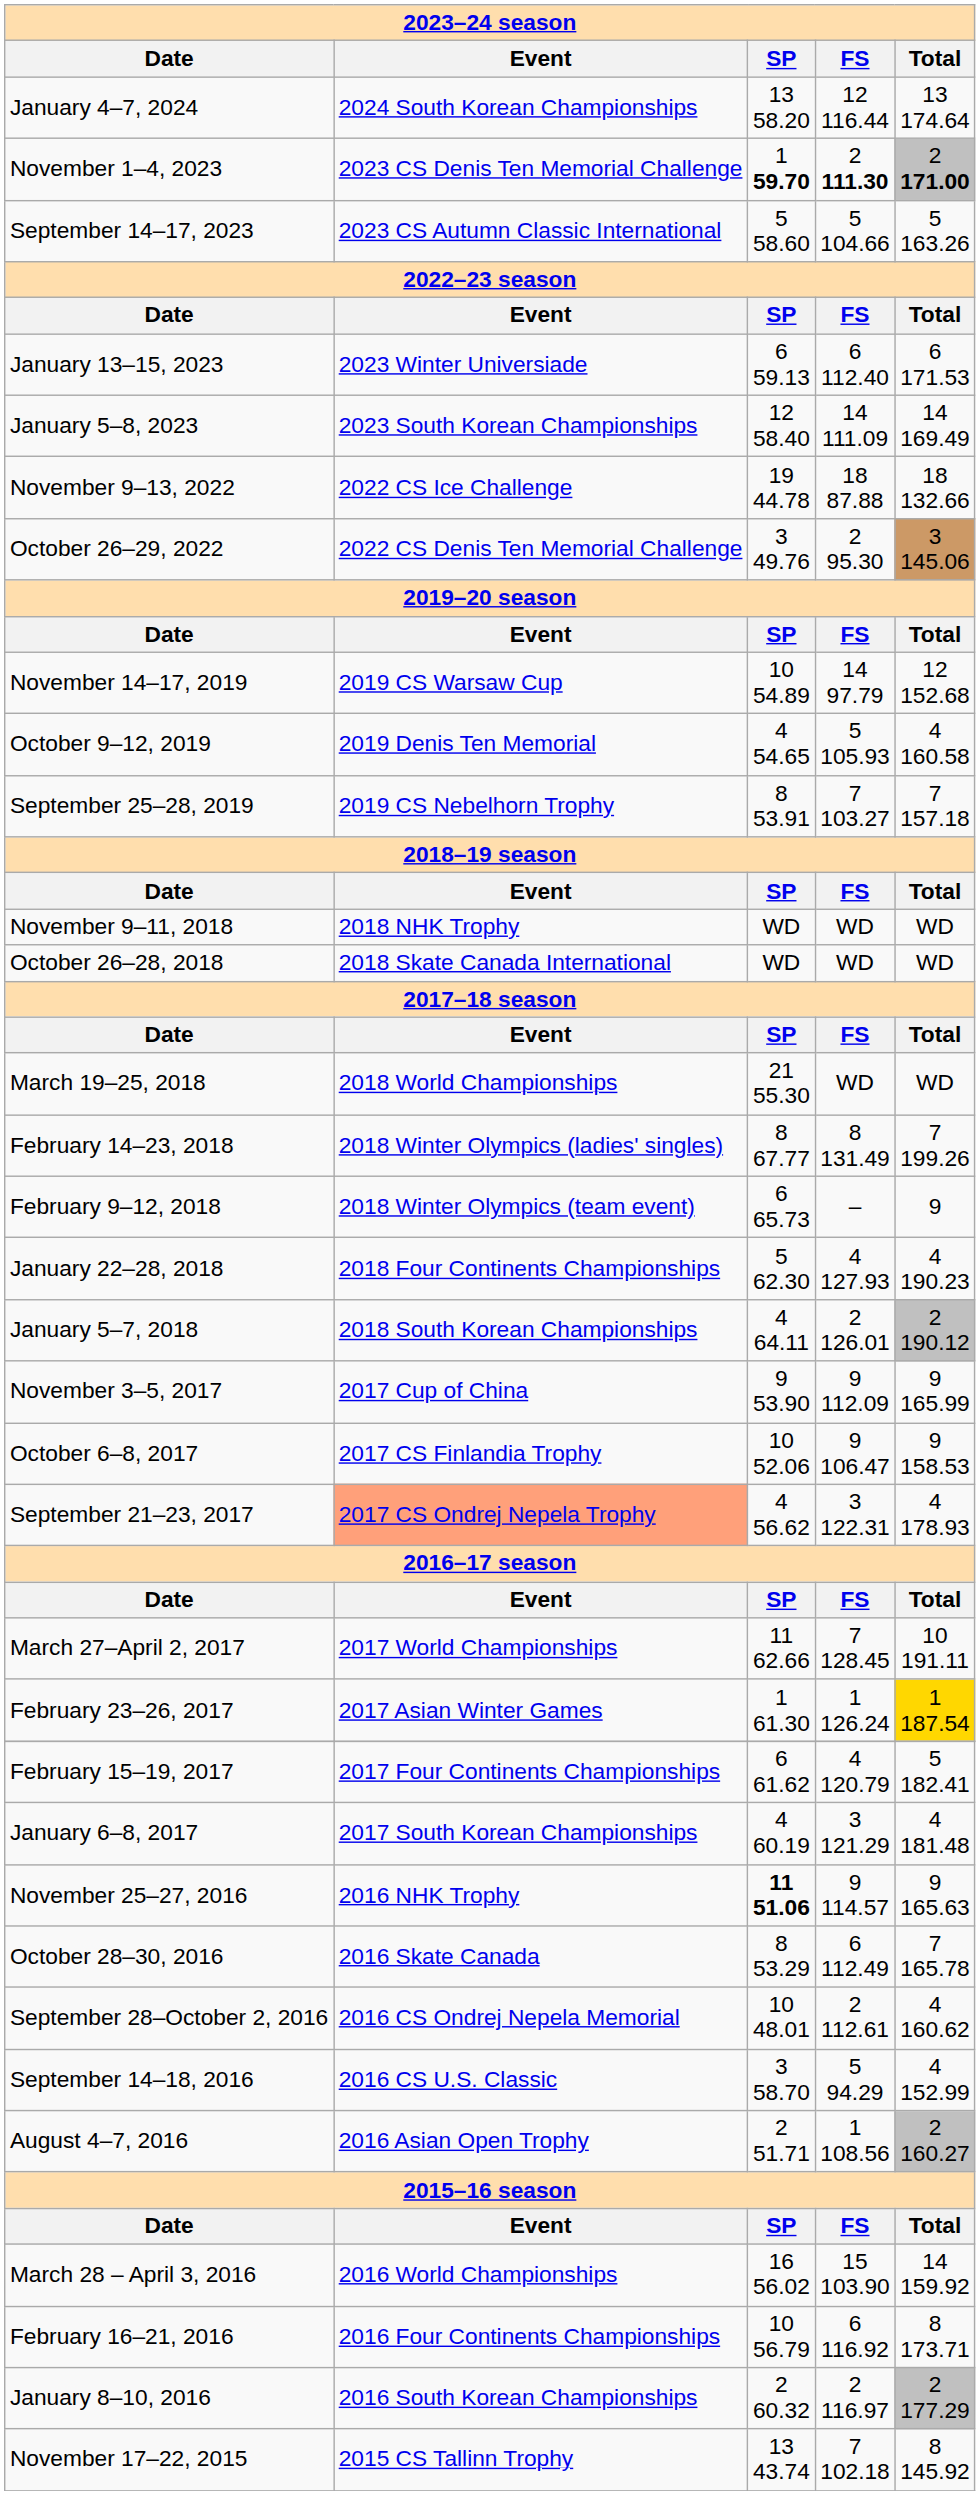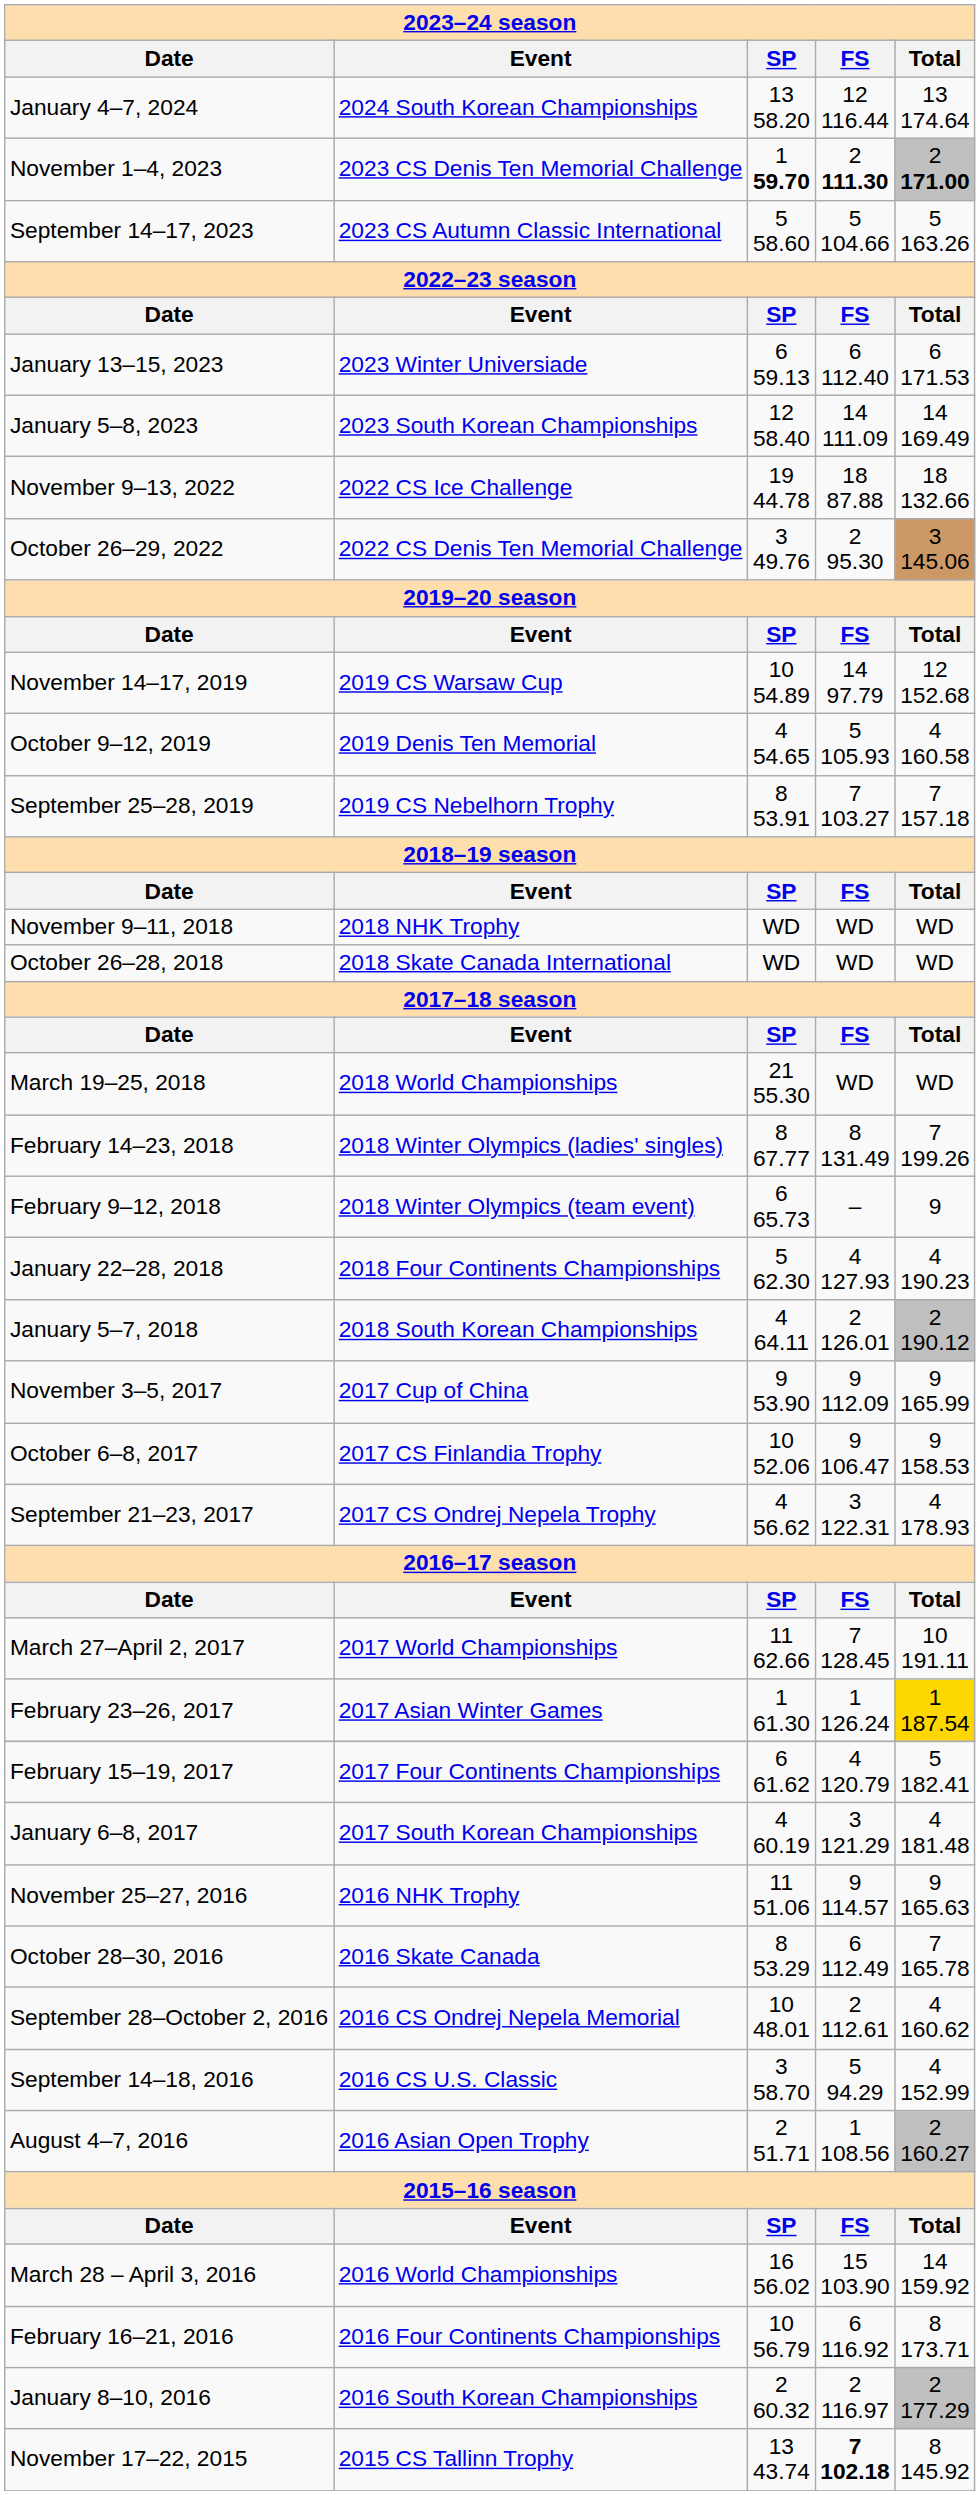 <table class="wikitable">
 <tr>
 <td style="background-color: #ffdead;" colspan=5 align=center><strong><a href='#'>2023–24 season</a></strong></td>
 </tr>
 <tr>
 <th>Date</th>
 <th>Event</th>
 <th><a href='#'>SP</a></th>
 <th><a href='#'>FS</a></th>
 <th>Total</th>
 </tr>
 <tr>
 <td>January 4–7, 2024</td>
 <td><a href='#'>2024 South Korean Championships</a></td>
 <td align=center>13 <br> 58.20</td>
 <td align=center>12 <br> 116.44</td>
 <td align=center>13 <br> 174.64</td>
 </tr>
 <tr>
 <td>November 1–4, 2023</td>
 <td><a href='#'>2023 CS Denis Ten Memorial Challenge</a></td>
 <td align=center>1 <br> <strong>59.70</strong></td>
 <td align=center>2 <br> <strong>111.30</strong></td>
 <td align=center bgcolor=silver>2 <br> <strong>171.00</strong></td>
 </tr>
 <tr>
 <td>September 14–17, 2023</td>
 <td><a href='#'>2023 CS Autumn Classic International</a></td>
 <td align=center>5 <br> 58.60</td>
 <td align=center>5 <br> 104.66</td>
 <td align=center>5 <br> 163.26</td>
 </tr>
 <tr>
 <td style="background-color: #ffdead;" colspan=5 align=center><strong><a href='#'>2022–23 season</a></strong></td>
 </tr>
 <tr>
 <th>Date</th>
 <th>Event</th>
 <th><a href='#'>SP</a></th>
 <th><a href='#'>FS</a></th>
 <th>Total</th>
 </tr>
 <tr>
 <td>January 13–15, 2023</td>
 <td><a href='#'>2023 Winter Universiade</a></td>
 <td align=center>6 <br> 59.13</td>
 <td align=center>6 <br> 112.40</td>
 <td align=center>6 <br> 171.53</td>
 </tr>
 <tr>
 <td>January 5–8, 2023</td>
 <td><a href='#'>2023 South Korean Championships</a></td>
 <td align=center>12 <br> 58.40</td>
 <td align=center>14 <br> 111.09</td>
 <td align=center>14 <br> 169.49</td>
 </tr>
 <tr>
 <td>November 9–13, 2022</td>
 <td><a href='#'>2022 CS Ice Challenge</a></td>
 <td align=center>19 <br> 44.78</td>
 <td align=center>18 <br> 87.88</td>
 <td align=center>18 <br> 132.66</td>
 </tr>
 <tr>
 <td>October 26–29, 2022</td>
 <td><a href='#'>2022 CS Denis Ten Memorial Challenge</a></td>
 <td align=center>3 <br> 49.76</td>
 <td align=center>2 <br> 95.30</td>
 <td align=center bgcolor=cc9966>3 <br> 145.06</td>
 </tr>
 <tr>
 <td style="background-color: #ffdead;" colspan=5 align=center><strong><a href='#'>2019–20 season</a></strong></td>
 </tr>
 <tr>
 <th>Date</th>
 <th>Event</th>
 <th><a href='#'>SP</a></th>
 <th><a href='#'>FS</a></th>
 <th>Total</th>
 </tr>
 <tr>
 <td>November 14–17, 2019</td>
 <td><a href='#'>2019 CS Warsaw Cup</a></td>
 <td align=center>10 <br> 54.89</td>
 <td align=center>14 <br> 97.79</td>
 <td align=center>12 <br> 152.68</td>
 </tr>
 <tr>
 <td>October 9–12, 2019</td>
 <td><a href='#'>2019 Denis Ten Memorial</a></td>
 <td align=center>4 <br> 54.65</td>
 <td align=center>5 <br> 105.93</td>
 <td align=center>4 <br> 160.58</td>
 </tr>
 <tr>
 <td>September 25–28, 2019</td>
 <td><a href='#'>2019 CS Nebelhorn Trophy</a></td>
 <td align=center>8 <br> 53.91</td>
 <td align=center>7 <br> 103.27</td>
 <td align=center>7 <br> 157.18</td>
 </tr>
 <tr>
 <td style="background-color: #ffdead;" colspan=5 align=center><strong><a href='#'>2018–19 season</a></strong></td>
 </tr>
 <tr>
 <th>Date</th>
 <th>Event</th>
 <th><a href='#'>SP</a></th>
 <th><a href='#'>FS</a></th>
 <th>Total</th>
 </tr>
 <tr>
 <td>November 9–11, 2018</td>
 <td><a href='#'>2018 NHK Trophy</a></td>
 <td align=center>WD</td>
 <td align=center>WD</td>
 <td align=center>WD</td>
 </tr>
 <tr>
 <td>October 26–28, 2018</td>
 <td><a href='#'>2018 Skate Canada International</a></td>
 <td align=center>WD</td>
 <td align=center>WD</td>
 <td align=center>WD</td>
 </tr>
 <tr>
 <td style="background-color: #ffdead;" colspan=5 align=center><strong><a href='#'>2017–18 season</a></strong></td>
 </tr>
 <tr>
 <th>Date</th>
 <th>Event</th>
 <th><a href='#'>SP</a></th>
 <th><a href='#'>FS</a></th>
 <th>Total</th>
 </tr>
 <tr>
 <td>March 19–25, 2018</td>
 <td><a href='#'>2018 World Championships</a></td>
 <td align=center>21 <br> 55.30</td>
 <td align=center>WD <br></td>
 <td align=center>WD <br></td>
 </tr>
 <tr>
 <td>February 14–23, 2018</td>
 <td><a href='#'>2018 Winter Olympics (ladies' singles)</a></td>
 <td align=center>8 <br> 67.77</td>
 <td align=center>8 <br> 131.49</td>
 <td align=center>7 <br> 199.26</td>
 </tr>
 <tr>
 <td>February 9–12, 2018</td>
 <td><a href='#'>2018 Winter Olympics (team event)</a></td>
 <td align=center>6 <br> 65.73</td>
 <td align=center>–</td>
 <td align=center>9</td>
 </tr>
 <tr>
 <td>January 22–28, 2018</td>
 <td><a href='#'>2018 Four Continents Championships</a></td>
 <td align=center>5 <br> 62.30</td>
 <td align=center>4 <br> 127.93</td>
 <td align=center>4 <br> 190.23</td>
 </tr>
 <tr>
 <td>January 5–7, 2018</td>
 <td><a href='#'>2018 South Korean Championships</a></td>
 <td align=center>4 <br> 64.11</td>
 <td align=center>2 <br> 126.01</td>
 <td align=center bgcolor=silver>2 <br> 190.12</td>
 </tr>
 <tr>
 <td>November 3–5, 2017</td>
 <td><a href='#'>2017 Cup of China</a></td>
 <td align=center>9 <br> 53.90</td>
 <td align=center>9 <br> 112.09</td>
 <td align=center>9 <br> 165.99</td>
 </tr>
 <tr>
 <td>October 6–8, 2017</td>
 <td><a href='#'>2017 CS Finlandia Trophy</a></td>
 <td align=center>10 <br> 52.06</td>
 <td align=center>9 <br> 106.47</td>
 <td align=center>9 <br> 158.53</td>
 </tr>
 <tr>
 <td>September 21–23, 2017</td>
-<td style="background: lightsalmon;"><a href='#'>2017 CS Ondrej Nepela Trophy</a></td>
+<td><a href='#'>2017 CS Ondrej Nepela Trophy</a></td>
 <td align=center>4 <br> 56.62</td>
 <td align=center>3 <br> 122.31</td>
 <td align=center>4 <br> 178.93</td>
 </tr>
 <tr>
 <td style="background-color: #ffdead;" colspan=5 align=center><strong><a href='#'>2016–17 season</a></strong></td>
 </tr>
 <tr>
 <th>Date</th>
 <th>Event</th>
 <th><a href='#'>SP</a></th>
 <th><a href='#'>FS</a></th>
 <th>Total</th>
 </tr>
 <tr>
 <td>March 27–April 2, 2017</td>
 <td><a href='#'>2017 World Championships</a></td>
 <td align=center>11 <br> 62.66</td>
 <td align=center>7 <br> 128.45</td>
 <td align=center>10 <br> 191.11</td>
 </tr>
 <tr>
 <td>February 23–26, 2017</td>
 <td><a href='#'>2017 Asian Winter Games</a></td>
 <td align=center>1 <br> 61.30</td>
 <td align=center>1 <br> 126.24</td>
 <td align=center bgcolor=gold>1 <br> 187.54</td>
 </tr>
 <tr>
 </tr>
 <tr>
 <td>February 15–19, 2017</td>
 <td><a href='#'>2017 Four Continents Championships</a></td>
 <td align=center>6 <br> 61.62</td>
 <td align=center>4 <br> 120.79</td>
 <td align=center>5 <br> 182.41</td>
 </tr>
 <tr>
 <td>January 6–8, 2017</td>
 <td><a href='#'>2017 South Korean Championships</a></td>
 <td align=center>4 <br> 60.19</td>
 <td align=center>3 <br> 121.29</td>
 <td align=center>4 <br> 181.48</td>
 </tr>
 <tr>
 <td>November 25–27, 2016</td>
 <td><a href='#'>2016 NHK Trophy</a></td>
-<td align=center><strong>11 <br> 51.06</strong></td>
+<td align=center>11 <br> 51.06</td>
 <td align=center>9 <br> 114.57</td>
 <td align=center>9 <br> 165.63</td>
 </tr>
 <tr>
 <td>October 28–30, 2016</td>
 <td><a href='#'>2016 Skate Canada</a></td>
 <td align=center>8 <br> 53.29</td>
 <td align=center>6 <br> 112.49</td>
 <td align=center>7 <br> 165.78</td>
 </tr>
 <tr>
 <td>September 28–October 2, 2016</td>
 <td><a href='#'>2016 CS Ondrej Nepela Memorial</a></td>
 <td align=center>10 <br> 48.01</td>
 <td align=center>2 <br> 112.61</td>
 <td align=center>4 <br> 160.62</td>
 </tr>
 <tr>
 <td>September 14–18, 2016</td>
 <td><a href='#'>2016 CS U.S. Classic</a></td>
 <td align=center>3 <br> 58.70</td>
 <td align=center>5 <br> 94.29</td>
 <td align=center>4 <br> 152.99</td>
 </tr>
 <tr>
 <td>August 4–7, 2016</td>
 <td><a href='#'>2016 Asian Open Trophy</a></td>
 <td align=center>2 <br> 51.71</td>
 <td align=center>1 <br> 108.56</td>
 <td align=center bgcolor=silver>2 <br> 160.27</td>
 </tr>
 <tr>
 <td style="background-color: #ffdead; " colspan=6 align=center><strong><a href='#'>2015–16 season</a></strong></td>
 </tr>
 <tr>
 <th>Date</th>
 <th>Event</th>
 <th><a href='#'>SP</a></th>
 <th><a href='#'>FS</a></th>
 <th>Total</th>
 </tr>
 <tr>
 <td>March 28 – April 3, 2016</td>
 <td><a href='#'>2016 World Championships</a></td>
 <td align=center>16 <br> 56.02</td>
 <td align=center>15 <br> 103.90</td>
 <td align=center>14 <br> 159.92</td>
 </tr>
 <tr>
 <td>February 16–21, 2016</td>
 <td><a href='#'>2016 Four Continents Championships</a></td>
 <td align=center>10 <br> 56.79</td>
 <td align=center>6 <br> 116.92</td>
 <td align=center>8 <br> 173.71</td>
 </tr>
 <tr>
 <td>January 8–10, 2016</td>
 <td><a href='#'>2016 South Korean Championships</a></td>
 <td align=center>2 <br> 60.32</td>
 <td align=center>2 <br> 116.97</td>
 <td align=center bgcolor=silver>2 <br> 177.29</td>
 </tr>
 <tr>
 <td>November 17–22, 2015</td>
 <td><a href='#'>2015 CS Tallinn Trophy</a></td>
 <td align=center>13 <br> 43.74</td>
-<td align=center>7 <br> 102.18</td>
+<td align=center><strong>7 <br> 102.18</strong></td>
 <td align=center>8 <br> 145.92</td>
 </tr>
 <tr>
 </tr>
 </table>
